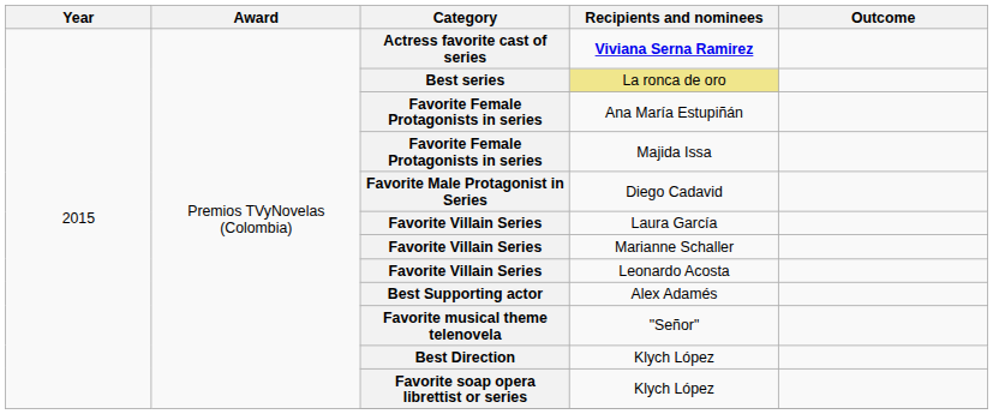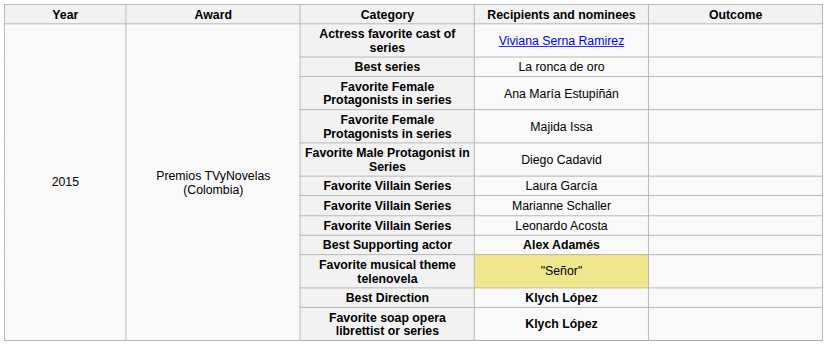 <table class="wikitable plainrowheaders" style=" text-align:center; font-size:95%;" width="80%">
 <tr>
 <th scope="col" width=14%>Year</th>
 <th scope="col" width=20%>Award</th>
 <th scope="col" width=20%>Category</th>
 <th scope="col" width=20%>Recipients and nominees</th>
 <th scope="col" width=20%>Outcome</th>
 </tr>
 <tr>
 <td rowspan="20">2015</td>
 <td rowspan="14">Premios TVyNovelas (Colombia)</td>
 <th scope="row" style="text-align:center">Actress favorite cast of series</th>
-<td><strong><a href='#'>Viviana Serna Ramirez</a></strong></td>
+<td><a href='#'>Viviana Serna Ramirez</a></td>
 <td></td>
 </tr>
 <tr>
 <th scope="row" style="text-align:center">Best series</th>
-<td style="background: khaki;">La ronca de oro</td>
+<td>La ronca de oro</td>
 <td></td>
 </tr>
 <tr>
 <th scope="row" style="text-align:center">Favorite Female Protagonists in series</th>
 <td>Ana María Estupiñán</td>
 <td></td>
 </tr>
 <tr>
 <th scope="row" style="text-align:center">Favorite Female Protagonists in series</th>
 <td>Majida Issa</td>
 <td></td>
 </tr>
 <tr>
 <th scope="row" style="text-align:center">Favorite Male Protagonist in Series</th>
 <td>Diego Cadavid</td>
 <td></td>
 </tr>
 <tr>
 <th scope="row" style="text-align:center">Favorite Villain Series</th>
 <td>Laura García</td>
 <td></td>
 </tr>
 <tr>
 <th scope="row" style="text-align:center">Favorite Villain Series</th>
 <td>Marianne Schaller</td>
 <td></td>
 </tr>
 <tr>
 <th scope="row" style="text-align:center">Favorite Villain Series</th>
 <td>Leonardo Acosta</td>
 <td></td>
 </tr>
 <tr>
 <th scope="row" style="text-align:center">Best Supporting actor</th>
-<td>Alex Adamés</td>
+<td><strong>Alex Adamés</strong></td>
 <td></td>
 </tr>
 <tr>
 <th scope="row" style="text-align:center">Favorite musical theme telenovela</th>
-<td>"Señor"</td>
+<td style="background: khaki;">"Señor"</td>
 <td></td>
 </tr>
 <tr>
 <th scope="row" style="text-align:center">Best Direction</th>
-<td>Klych López</td>
+<td><strong>Klych López</strong></td>
 <td></td>
 </tr>
 <tr>
 <th scope="row" style="text-align:center">Favorite soap opera librettist or series</th>
-<td>Klych López</td>
+<td><strong>Klych López</strong></td>
 <td></td>
 </tr>
 <tr>
 </tr>
 </table>
